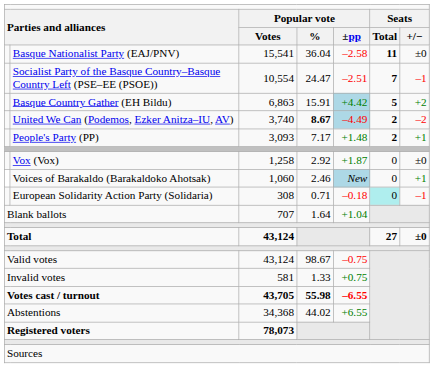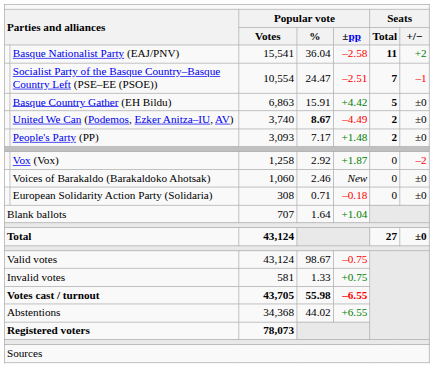 <table class="wikitable" style="text-align:right;">
 <tr>
 <td colspan="7"></td>
 </tr>
 <tr>
 <th style="text-align:left;" rowspan="2" colspan="2" width="525">Parties and alliances</th>
 <th colspan="3">Popular vote</th>
 <th colspan="2">Seats</th>
 </tr>
 <tr>
 <th width="75">Votes</th>
 <th width="45">%</th>
 <th width="45">±<a href='#'>pp</a></th>
 <th width="35">Total</th>
 <th width="35">+/−</th>
 </tr>
 <tr>
 <td width="1" style="color:inherit;background:"></td>
 <td align="left"><a href='#'>Basque Nationalist Party</a> (EAJ/PNV)</td>
 <td>15,541</td>
 <td>36.04</td>
 <td style="color:red;">–2.58</td>
 <td><strong>11</strong></td>
-<td>±0</td>
+<td style="color:green;">+2</td>
 </tr>
 <tr>
 <td style="color:inherit;background:"></td>
 <td align="left"><a href='#'>Socialist Party of the Basque Country–Basque Country Left</a> (PSE–EE (PSOE))</td>
 <td>10,554</td>
 <td>24.47</td>
 <td style="color:red;">–2.51</td>
 <td><strong>7</strong></td>
 <td style="color:red;">–1</td>
 </tr>
 <tr>
 <td style="color:inherit;background:"></td>
 <td align="left"><a href='#'>Basque Country Gather</a> (EH Bildu)</td>
 <td>6,863</td>
 <td>15.91</td>
-<td style="background: lightblue; color:green;">+4.42</td>
+<td style="color:green;">+4.42</td>
 <td><strong>5</strong></td>
-<td style="color:green;">+2</td>
+<td>±0</td>
 </tr>
 <tr>
 <td style="color:inherit;background:"></td>
 <td align="left"><a href='#'>United We Can</a> (<a href='#'>Podemos</a>, <a href='#'>Ezker Anitza–IU</a>, <a href='#'>AV</a>)</td>
 <td>3,740</td>
 <td><strong>8.67</strong></td>
-<td style="background: lightblue; color:red;">–4.49</td>
+<td style="color:red;">–4.49</td>
 <td><strong>2</strong></td>
-<td style="color:red;">–2</td>
+<td>±0</td>
 </tr>
 <tr>
 <td style="color:inherit;background:"></td>
 <td align="left"><a href='#'>People's Party</a> (PP)</td>
 <td>3,093</td>
 <td>7.17</td>
 <td style="color:green;">+1.48</td>
 <td><strong>2</strong></td>
-<td style="color:green;">+1</td>
+<td>±0</td>
 </tr>
 <tr>
 <td colspan="7" bgcolor="#C0C0C0"></td>
 </tr>
 <tr>
 <td style="color:inherit;background:"></td>
 <td align="left"><a href='#'>Vox</a> (Vox)</td>
 <td>1,258</td>
 <td>2.92</td>
 <td style="color:green;">+1.87</td>
 <td>0</td>
-<td>±0</td>
+<td style="color:red;">–2</td>
 </tr>
 <tr>
 <td bgcolor="white"></td>
 <td align="left">Voices of Barakaldo (Barakaldoko Ahotsak)</td>
 <td>1,060</td>
 <td>2.46</td>
-<td style="background: lightblue;"><em>New</em></td>
+<td><em>New</em></td>
 <td>0</td>
-<td style="color:green;">+1</td>
+<td>±0</td>
 </tr>
 <tr>
 <td style="color:inherit;background:"></td>
 <td align="left">European Solidarity Action Party (Solidaria)</td>
 <td>308</td>
 <td>0.71</td>
 <td style="color:red;">–0.18</td>
-<td style="background: paleturquoise;">0</td>
-<td style="color:red;">–1</td>
+<td>0</td>
+<td>±0</td>
 </tr>
 <tr>
 <td align="left" colspan="2">Blank ballots</td>
 <td>707</td>
 <td>1.64</td>
 <td style="color:green;">+1.04</td>
 <td bgcolor="#E9E9E9" colspan="2"></td>
 </tr>
 <tr>
 <td colspan="7" bgcolor="#E9E9E9"></td>
 </tr>
 <tr style="font-weight:bold;">
 <td align="left" colspan="2">Total</td>
 <td>43,124</td>
 <td bgcolor="#E9E9E9" colspan="2"></td>
 <td>27</td>
 <td>±0</td>
 </tr>
 <tr>
 <td colspan="7" bgcolor="#E9E9E9"></td>
 </tr>
 <tr>
 <td align="left" colspan="2">Valid votes</td>
 <td>43,124</td>
 <td>98.67</td>
 <td style="color:red;">–0.75</td>
 <td bgcolor="#E9E9E9" colspan="2" rowspan="5"></td>
 </tr>
 <tr>
 <td align="left" colspan="2">Invalid votes</td>
 <td>581</td>
 <td>1.33</td>
 <td style="color:green;">+0.75</td>
 </tr>
 <tr style="font-weight:bold;">
 <td align="left" colspan="2">Votes cast / turnout</td>
 <td>43,705</td>
 <td>55.98</td>
 <td style="color:red;">–6.55</td>
 </tr>
 <tr>
 <td align="left" colspan="2">Abstentions</td>
 <td>34,368</td>
 <td>44.02</td>
 <td style="color:green;">+6.55</td>
 </tr>
 <tr style="font-weight:bold;">
 <td align="left" colspan="2">Registered voters</td>
 <td>78,073</td>
 <td bgcolor="#E9E9E9" colspan="2"></td>
 </tr>
 <tr>
 <td colspan="7" bgcolor="#E9E9E9"></td>
 </tr>
 <tr>
 <td align="left" colspan="7">Sources</td>
 </tr>
 </table>
